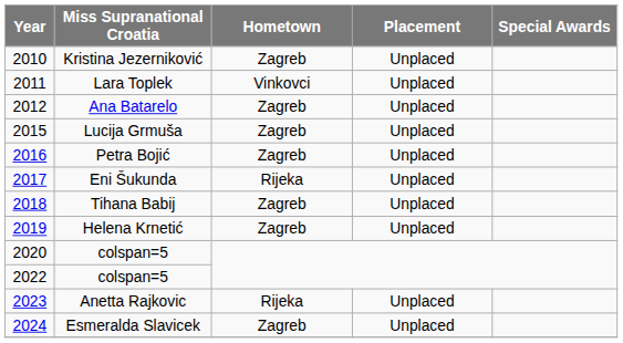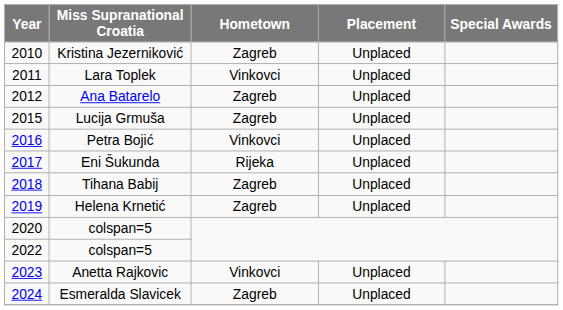 <table class="wikitable sortable" style="font-size: 95%; text-align:center">
 <tr>
 <th width="60" style="background-color:#787878;color:#FFFFFF;">Year</th>
 <th width="250" style="background-color:#787878;color:#FFFFFF;">Miss Supranational Croatia</th>
 <th width="250" style="background-color:#787878;color:#FFFFFF;">Hometown</th>
 <th width="250" style="background-color:#787878;color:#FFFFFF;">Placement</th>
 <th width="250" style="background-color:#787878;color:#FFFFFF;">Special Awards</th>
 </tr>
 <tr>
 <td>2010</td>
 <td>Kristina Jezerniković</td>
 <td>Zagreb</td>
 <td>Unplaced</td>
 <td></td>
 </tr>
 <tr>
 <td>2011</td>
 <td>Lara Toplek</td>
 <td>Vinkovci</td>
 <td>Unplaced</td>
 <td></td>
 </tr>
 <tr>
 <td>2012</td>
 <td><a href='#'>Ana Batarelo</a></td>
 <td>Zagreb</td>
 <td>Unplaced</td>
 <td></td>
 </tr>
 <tr>
 <td>2015</td>
 <td>Lucija Grmuša</td>
 <td>Zagreb</td>
 <td>Unplaced</td>
 <td></td>
 </tr>
 <tr>
 <td><a href='#'>2016</a></td>
 <td>Petra Bojić</td>
-<td>Zagreb</td>
+<td>Vinkovci</td>
 <td>Unplaced</td>
 <td></td>
 </tr>
 <tr>
 <td><a href='#'>2017</a></td>
 <td>Eni Šukunda</td>
 <td>Rijeka</td>
 <td>Unplaced</td>
 <td></td>
 </tr>
 <tr>
 <td><a href='#'>2018</a></td>
 <td>Tihana Babij</td>
 <td>Zagreb</td>
 <td>Unplaced</td>
 <td></td>
 </tr>
 <tr>
 <td><a href='#'>2019</a></td>
 <td>Helena Krnetić</td>
 <td>Zagreb</td>
 <td>Unplaced</td>
 <td></td>
 </tr>
 <tr>
 <td>2020</td>
 <td>colspan=5 </td>
 </tr>
 <tr>
 <td>2022</td>
 <td>colspan=5 </td>
 </tr>
 <tr>
 <td><a href='#'>2023</a></td>
 <td>Anetta Rajkovic</td>
-<td>Rijeka</td>
+<td>Vinkovci</td>
 <td>Unplaced</td>
 <td></td>
 </tr>
 <tr>
 <td><a href='#'>2024</a></td>
 <td>Esmeralda Slavicek</td>
 <td>Zagreb</td>
 <td>Unplaced</td>
 <td></td>
 </tr>
 <tr>
 </tr>
 </table>
